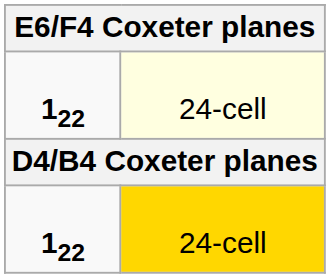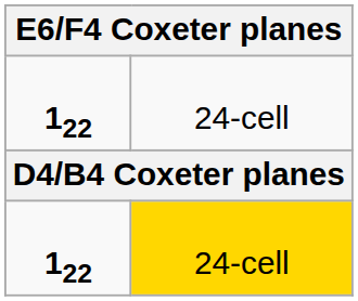 <table class=wikitable>
 <tr>
 <th colspan=2>E6/F4 Coxeter planes</th>
 </tr>
 <tr align=center valign=top>
 <td><br><strong>1<sub>22</sub></strong></td>
-<td style="background: lightyellow;"><br>24-cell</td>
+<td><br>24-cell</td>
 </tr>
 <tr>
 <th colspan=2>D4/B4 Coxeter planes</th>
 </tr>
 <tr align=center valign=top>
 <td><br><strong>1<sub>22</sub></strong></td>
 <td style="background: gold;"><br>24-cell</td>
 </tr>
 </table>
